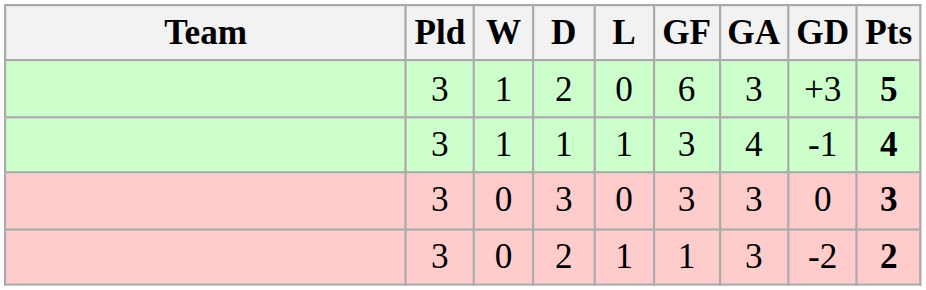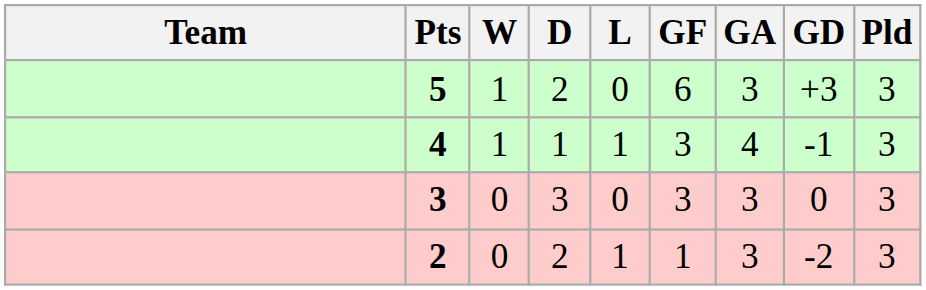 <table class="wikitable" style="text-align: center;">
 <tr>
 <th width="175">Team</th>
-<th width="20">Pld</th>
+<th width="20">Pts</th>
 <th width="20">W</th>
 <th width="20">D</th>
 <th width="20">L</th>
 <th width="20">GF</th>
 <th width="20">GA</th>
 <th width="20">GD</th>
-<th width="20">Pts</th>
+<th width="20">Pld</th>
 </tr>
 <tr bgcolor="ccffcc">
 <td align=left><strong></strong></td>
-<td>3</td>
+<td><strong>5</strong></td>
 <td>1</td>
 <td>2</td>
 <td>0</td>
 <td>6</td>
 <td>3</td>
 <td>+3</td>
-<td><strong>5</strong></td>
+<td>3</td>
 </tr>
 <tr bgcolor="ccffcc">
 <td align=left><strong></strong></td>
-<td>3</td>
+<td><strong>4</strong></td>
 <td>1</td>
 <td>1</td>
 <td>1</td>
 <td>3</td>
 <td>4</td>
 <td>-1</td>
-<td><strong>4</strong></td>
+<td>3</td>
 </tr>
 <tr bgcolor=#ffcccc>
 <td align=left><em></em></td>
-<td>3</td>
+<td><strong>3</strong></td>
 <td>0</td>
 <td>3</td>
 <td>0</td>
 <td>3</td>
 <td>3</td>
 <td>0</td>
-<td><strong>3</strong></td>
+<td>3</td>
 </tr>
 <tr bgcolor=#ffcccc>
 <td align=left><em></em></td>
-<td>3</td>
+<td><strong>2</strong></td>
 <td>0</td>
 <td>2</td>
 <td>1</td>
 <td>1</td>
 <td>3</td>
 <td>-2</td>
-<td><strong>2</strong></td>
+<td>3</td>
 </tr>
 </table>
